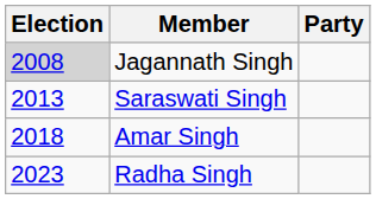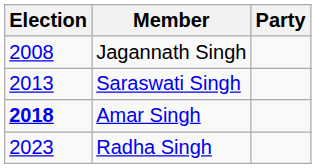 <table class="wikitable sortable">
 <tr>
 <th>Election</th>
 <th>Member</th>
 <th colspan="2">Party</th>
 </tr>
 <tr>
-<td style="background: lightgrey;"><a href='#'>2008</a></td>
+<td><a href='#'>2008</a></td>
 <td>Jagannath Singh</td>
 <td></td>
 </tr>
 <tr>
 <td><a href='#'>2013</a></td>
 <td><a href='#'>Saraswati Singh</a></td>
 <td></td>
 </tr>
 <tr>
-<td><a href='#'>2018</a></td>
+<td><strong><a href='#'>2018</a></strong></td>
 <td><a href='#'>Amar Singh</a></td>
 <td></td>
 </tr>
 <tr>
 <td><a href='#'>2023</a></td>
 <td><a href='#'>Radha Singh</a></td>
 </tr>
 </table>
